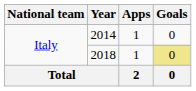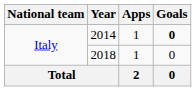 <table class="wikitable" style="text-align:center">
 <tr>
 <th>National team</th>
 <th>Year</th>
 <th>Apps</th>
 <th>Goals</th>
 </tr>
 <tr>
 <td rowspan="2"><a href='#'>Italy</a></td>
 <td>2014</td>
 <td>1</td>
-<td>0</td>
+<td><strong>0</strong></td>
 </tr>
 <tr>
 <td>2018</td>
 <td>1</td>
-<td style="background: khaki;">0</td>
+<td>0</td>
 </tr>
 <tr>
 <th colspan="2">Total</th>
 <th>2</th>
 <th>0</th>
 </tr>
 </table>
